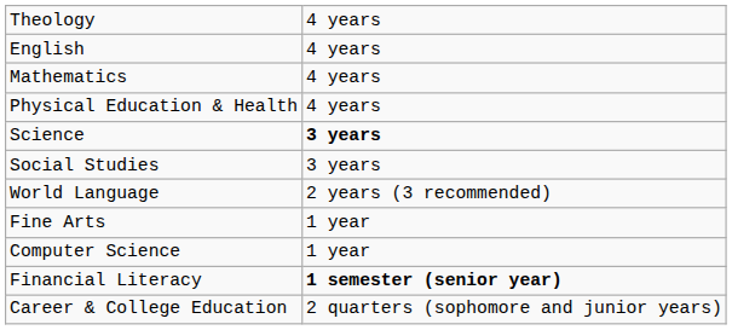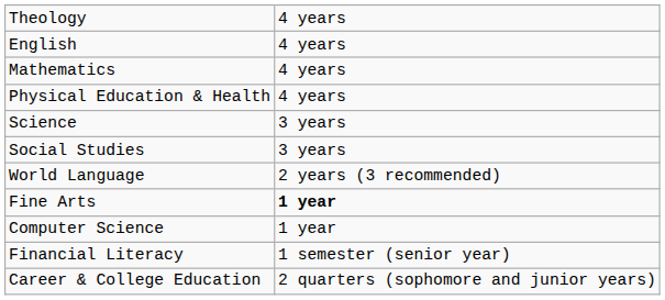 <table class="wikitable">
 <tr>
 <td>Theology</td>
 <td>4 years</td>
 </tr>
 <tr>
 <td>English</td>
 <td>4 years</td>
 </tr>
 <tr>
 <td>Mathematics</td>
 <td>4 years</td>
 </tr>
 <tr>
 <td>Physical Education & Health</td>
 <td>4 years</td>
 </tr>
 <tr>
 <td>Science</td>
-<td><strong>3 years</strong></td>
+<td>3 years</td>
 </tr>
 <tr>
 <td>Social Studies</td>
 <td>3 years</td>
 </tr>
 <tr>
 <td>World Language</td>
 <td>2 years (3 recommended)</td>
 </tr>
 <tr>
 <td>Fine Arts</td>
-<td>1 year</td>
+<td><strong>1 year</strong></td>
 </tr>
 <tr>
 <td>Computer Science</td>
 <td>1 year</td>
 </tr>
 <tr>
 <td>Financial Literacy</td>
-<td><strong>1 semester (senior year)</strong></td>
+<td>1 semester (senior year)</td>
 </tr>
 <tr>
 <td>Career & College Education</td>
 <td>2 quarters (sophomore and junior years)</td>
 </tr>
 </table>
